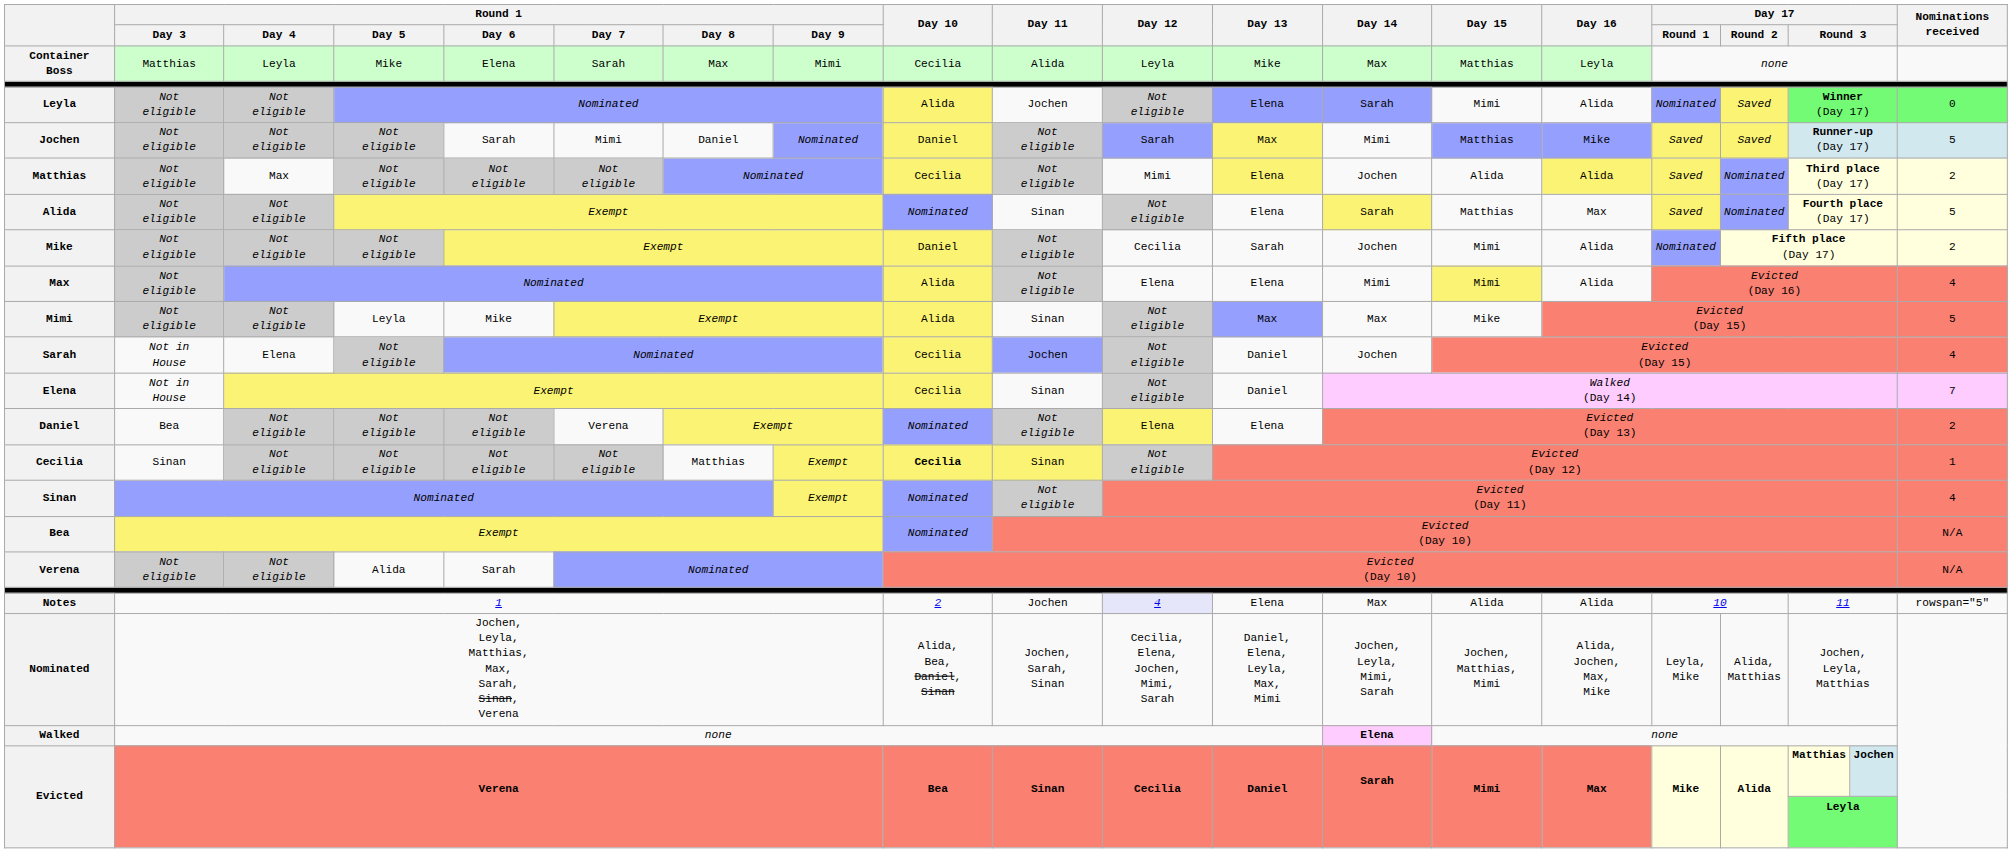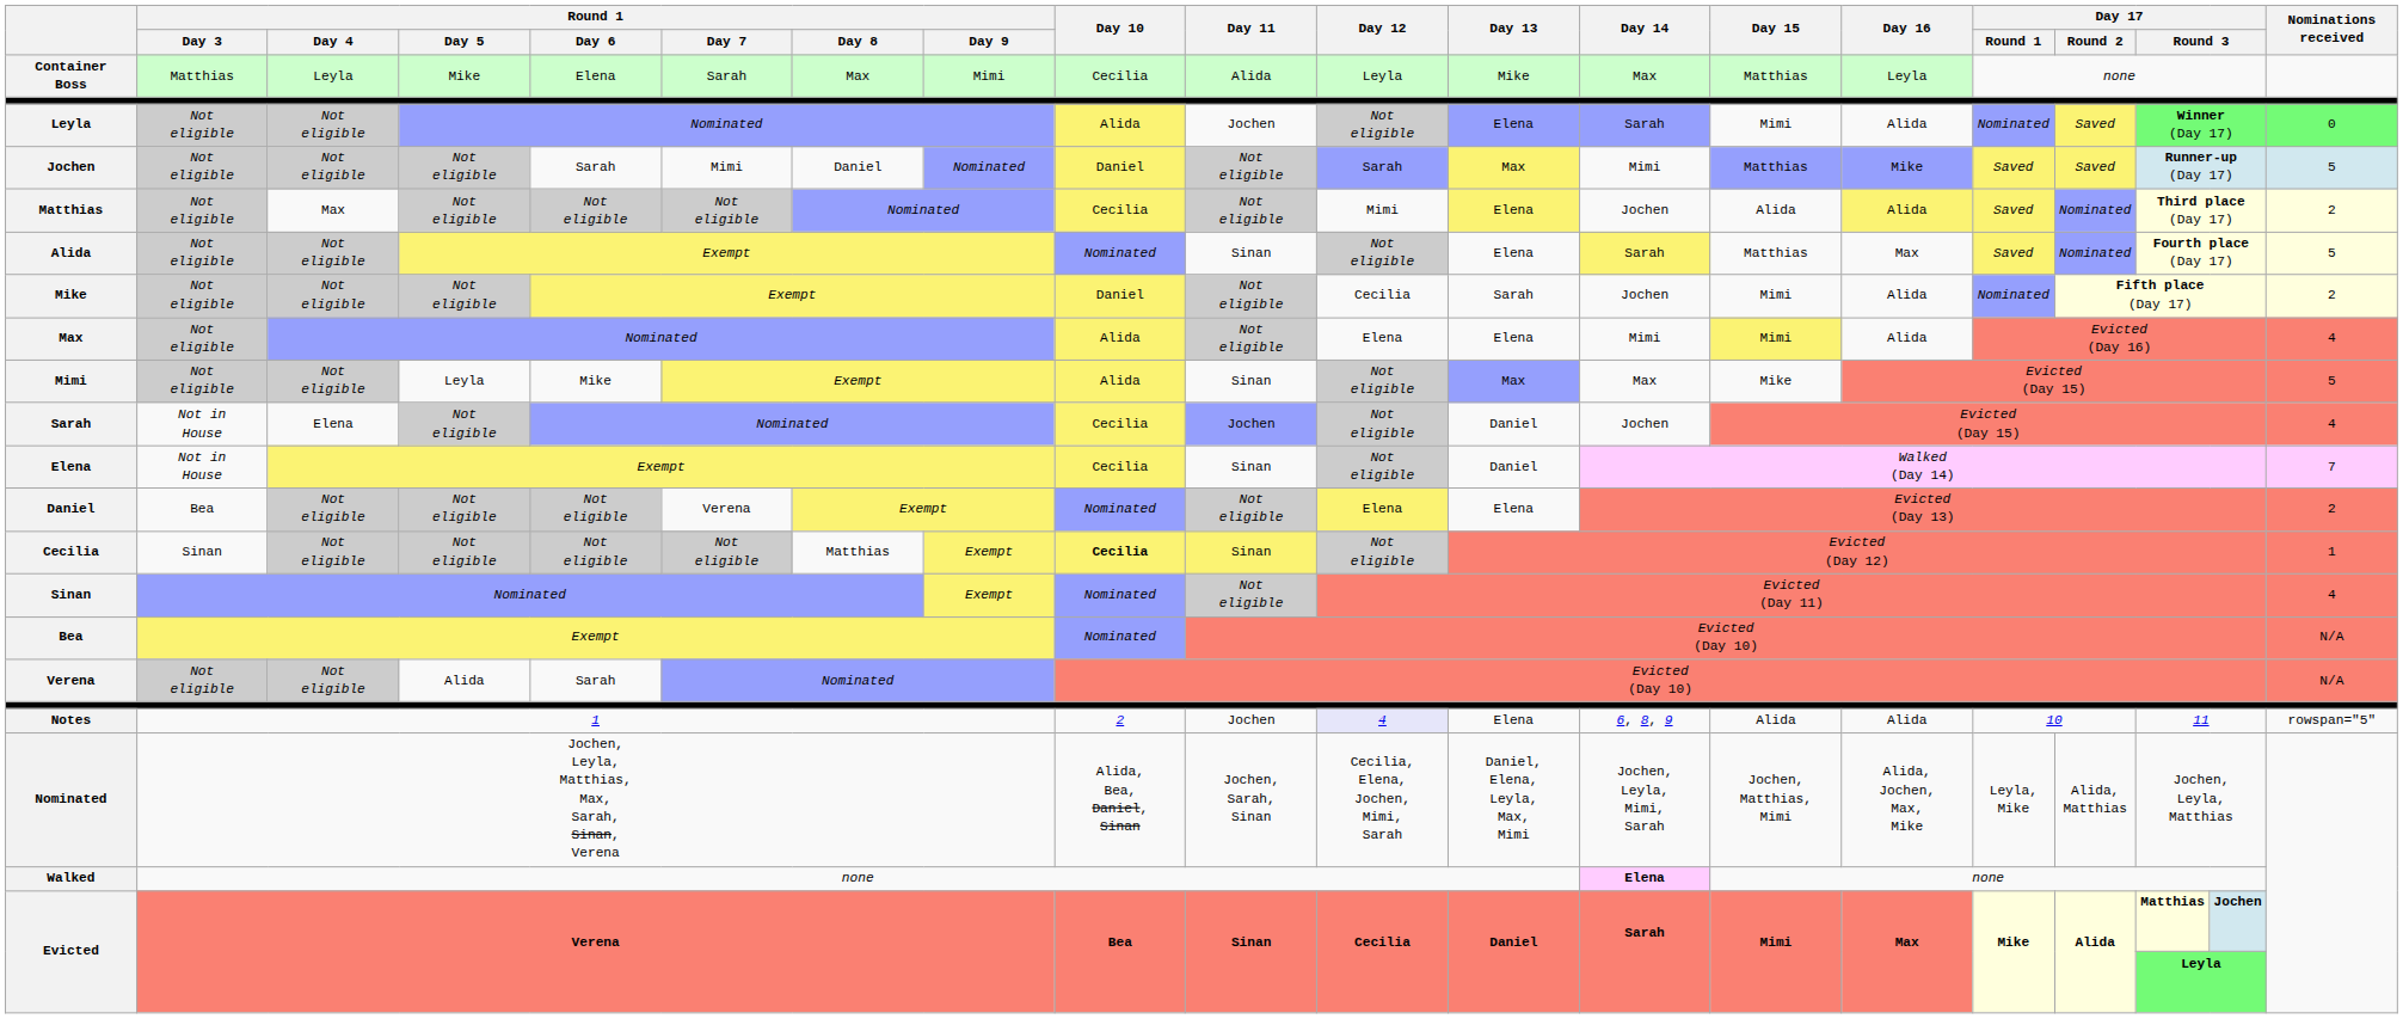 <table class="wikitable" style="text-align:center; font-size:85%; line-height:15px; width:100%">
 <tr>
 <th rowspan="2" style="width:5%"></th>
 <th colspan="7">Round 1</th>
 <th rowspan="2" style="width:5%">Day 10</th>
 <th rowspan="2" style="width:5%">Day 11</th>
 <th rowspan="2" style="width:5%">Day 12</th>
 <th rowspan="2" style="width:5%">Day 13</th>
 <th rowspan="2" style="width:5%">Day 14</th>
 <th rowspan="2" style="width:5%">Day 15</th>
 <th rowspan="2" style="width:5%">Day 16</th>
 <th colspan="4" style="width:5%">Day 17</th>
 <th rowspan="2" style="width:5%">Nominations<br>received</th>
 </tr>
 <tr>
 <th style="width:5%">Day 3</th>
 <th style="width:5%">Day 4</th>
 <th style="width:5%">Day 5</th>
 <th style="width:5%">Day 6</th>
 <th style="width:5%">Day 7</th>
 <th style="width:5%">Day 8</th>
 <th style="width:5%">Day 9</th>
 <th>Round 1</th>
 <th>Round 2</th>
 <th colspan=2>Round 3</th>
 </tr>
 <tr>
 <th>Container<br>Boss</th>
 <td style="background:#cfc;">Matthias</td>
 <td style="background:#cfc;">Leyla</td>
 <td style="background:#cfc;">Mike</td>
 <td style="background:#cfc;">Elena</td>
 <td style="background:#cfc;">Sarah</td>
 <td style="background:#cfc;">Max</td>
 <td style="background:#cfc;">Mimi</td>
 <td style="background:#cfc;">Cecilia</td>
 <td style="background:#cfc;">Alida</td>
 <td style="background:#cfc;">Leyla</td>
 <td style="background:#cfc;">Mike</td>
 <td style="background:#cfc;">Max</td>
 <td style="background:#cfc;">Matthias</td>
 <td style="background:#cfc;">Leyla</td>
 <td colspan="4"><em>none</em></td>
 <td></td>
 </tr>
 <tr>
 <th colspan="20" style="background:#000"></th>
 </tr>
 <tr>
 <th>Leyla</th>
 <td style="background:#CCC"><em>Not<br>eligible</em></td>
 <td style="background:#CCC"><em>Not<br>eligible</em></td>
 <td colspan="5" style="background:#959FFD"><em>Nominated</em></td>
 <td style="background:#FBF373">Alida</td>
 <td>Jochen</td>
 <td style="background:#CCC"><em>Not<br>eligible</em></td>
 <td style="background:#959FFD">Elena</td>
 <td style="background:#959FFD">Sarah</td>
 <td>Mimi</td>
 <td>Alida</td>
 <td style="background:#959FFD"><em>Nominated</em></td>
 <td style="background:#FBF373"><em>Saved</em></td>
 <td colspan="2" style="background:#73FB76"><strong>Winner</strong><br>(Day 17)</td>
 <td style="background:#73FB76">0</td>
 </tr>
 <tr>
 <th>Jochen</th>
 <td style="background:#CCC"><em>Not<br>eligible</em></td>
 <td style="background:#CCC"><em>Not<br>eligible</em></td>
 <td style="background:#CCC"><em>Not<br>eligible</em></td>
 <td>Sarah<br><small></small></td>
 <td>Mimi<br><small></small></td>
 <td>Daniel<br><small></small></td>
 <td style="background:#959FFD"><em>Nominated</em></td>
 <td style="background:#FBF373">Daniel</td>
 <td style="background:#CCC"><em>Not<br>eligible</em></td>
 <td style="background:#959FFD">Sarah</td>
 <td style="background:#FBF373">Max</td>
 <td>Mimi</td>
 <td style="background:#959FFD">Matthias</td>
 <td style="background:#959FFD">Mike</td>
 <td style="background:#FBF373"><em>Saved</em></td>
 <td style="background:#FBF373"><em>Saved</em></td>
 <td colspan=2 style="background:#D1E8EF"><strong>Runner-up</strong><br>(Day 17)</td>
 <td style="background:#D1E8EF">5</td>
 </tr>
 <tr>
 <th>Matthias</th>
 <td style="background:#CCC"><em>Not<br>eligible</em></td>
 <td>Max<br><small></small></td>
 <td style="background:#CCC"><em>Not<br>eligible</em></td>
 <td style="background:#CCC"><em>Not<br>eligible</em></td>
 <td style="background:#CCC"><em>Not<br>eligible</em></td>
 <td colspan="2" style="background:#959FFD"><em>Nominated</em></td>
 <td style="background:#FBF373">Cecilia</td>
 <td style="background:#CCC"><em>Not<br>eligible</em></td>
 <td>Mimi</td>
 <td style="background:#FBF373">Elena</td>
 <td>Jochen</td>
 <td>Alida</td>
 <td style="background:#FBF373">Alida</td>
 <td style="background:#FBF373"><em>Saved</em></td>
 <td style="background:#959FFD"><em>Nominated</em></td>
 <td style="background:#ffffdd;" colspan=2><strong>Third place</strong><br>(Day 17)</td>
 <td style="background:#ffffdd;">2</td>
 </tr>
 <tr>
 <th>Alida</th>
 <td style="background:#CCC"><em>Not<br>eligible</em></td>
 <td style="background:#CCC"><em>Not<br>eligible</em></td>
 <td colspan="5" style="background:#FBF373"><em>Exempt</em></td>
 <td style="background:#959FFD"><em>Nominated</em></td>
 <td>Sinan</td>
 <td style="background:#CCC"><em>Not<br>eligible</em></td>
 <td>Elena</td>
 <td style="background:#FBF373">Sarah</td>
 <td>Matthias</td>
 <td>Max</td>
 <td style="background:#FBF373"><em>Saved</em></td>
 <td style="background:#959FFD"><em>Nominated</em></td>
 <td style="background:#ffffdd;" colspan=2><strong>Fourth place</strong><br>(Day 17)</td>
 <td style="background:#ffffdd;">5</td>
 </tr>
 <tr>
 <th>Mike</th>
 <td style="background:#CCC"><em>Not<br>eligible</em></td>
 <td style="background:#CCC"><em>Not<br>eligible</em></td>
 <td style="background:#CCC"><em>Not<br>eligible</em></td>
 <td colspan="4" style="background:#FBF373"><em>Exempt</em></td>
 <td style="background:#FBF373">Daniel</td>
 <td style="background:#CCC"><em>Not<br>eligible</em></td>
 <td>Cecilia</td>
 <td>Sarah</td>
 <td>Jochen</td>
 <td>Mimi</td>
 <td>Alida</td>
 <td style="background:#959FFD"><em>Nominated</em></td>
 <td style="background:#ffffdd;" colspan=3><strong>Fifth place</strong><br>(Day 17)</td>
 <td style="background:#ffffdd;">2</td>
 </tr>
 <tr>
 <th>Max</th>
 <td style="background:#CCC"><em>Not<br>eligible</em></td>
 <td colspan="6" style="background:#959FFD"><em>Nominated</em></td>
 <td style="background:#FBF373">Alida</td>
 <td style="background:#CCC"><em>Not<br>eligible</em></td>
 <td>Elena</td>
 <td>Elena</td>
 <td>Mimi</td>
 <td style="background:#FBF373">Mimi</td>
 <td>Alida</td>
 <td colspan="4" style="background:#FA8072"><em>Evicted</em><br>(Day 16)</td>
 <td style="background:#FA8072;">4</td>
 </tr>
 <tr>
 <th>Mimi</th>
 <td style="background:#CCC"><em>Not<br>eligible</em></td>
 <td style="background:#CCC"><em>Not<br>eligible</em></td>
 <td>Leyla<br><small></small></td>
 <td>Mike<br><small></small></td>
 <td colspan="3" style="background:#FBF373"><em>Exempt</em></td>
 <td style="background:#FBF373">Alida</td>
 <td>Sinan</td>
 <td style="background:#CCC"><em>Not<br>eligible</em></td>
 <td style="background:#959FFD">Max</td>
 <td>Max</td>
 <td>Mike</td>
 <td colspan="5" style="background:#FA8072"><em>Evicted</em><br>(Day 15)</td>
 <td style="background:#FA8072;">5</td>
 </tr>
 <tr>
 <th>Sarah</th>
 <td><em>Not in<br>House</em></td>
 <td>Elena<br><small></small></td>
 <td style="background:#CCC"><em>Not<br>eligible</em></td>
 <td colspan="4" style="background:#959FFD"><em>Nominated</em></td>
 <td style="background:#FBF373">Cecilia</td>
 <td style="background:#959FFD">Jochen</td>
 <td style="background:#CCC"><em>Not<br>eligible</em></td>
 <td>Daniel</td>
 <td>Jochen</td>
 <td colspan="6" style="background:#FA8072"><em>Evicted</em><br>(Day 15)</td>
 <td style="background:#FA8072;">4</td>
 </tr>
 <tr>
 <th>Elena</th>
 <td><em>Not in<br>House</em></td>
 <td colspan="6" style="background:#FBF373"><em>Exempt</em></td>
 <td style="background:#FBF373">Cecilia</td>
 <td>Sinan</td>
 <td style="background:#CCC"><em>Not<br>eligible</em></td>
 <td>Daniel</td>
 <td colspan="7" style="background:#fcf;"><em>Walked</em><br>(Day 14)</td>
 <td style="background:#fcf;">7</td>
 </tr>
 <tr>
 <th>Daniel</th>
 <td>Bea<br><small></small></td>
 <td style="background:#CCC"><em>Not<br>eligible</em></td>
 <td style="background:#CCC"><em>Not<br>eligible</em></td>
 <td style="background:#CCC"><em>Not<br>eligible</em></td>
 <td>Verena<br><small></small></td>
 <td colspan="2" style="background:#FBF373"><em>Exempt</em></td>
 <td style="background:#959FFD"><em>Nominated</em></td>
 <td style="background:#CCC"><em>Not<br>eligible</em></td>
 <td style="background:#FBF373">Elena</td>
 <td>Elena</td>
 <td colspan="7" style="background:#FA8072"><em>Evicted</em><br>(Day 13)</td>
 <td style="background:#FA8072">2</td>
 </tr>
 <tr>
 <th>Cecilia</th>
 <td>Sinan<br><small></small></td>
 <td style="background:#CCC"><em>Not<br>eligible</em></td>
 <td style="background:#CCC"><em>Not<br>eligible</em></td>
 <td style="background:#CCC"><em>Not<br>eligible</em></td>
 <td style="background:#CCC"><em>Not<br>eligible</em></td>
 <td>Matthias<br><small></small></td>
 <td style="background:#FBF373"><em>Exempt</em></td>
 <td style="background:#FBF373"><strong>Cecilia</strong></td>
 <td style="background:#FBF373">Sinan</td>
 <td style="background:#CCC"><em>Not<br>eligible</em></td>
 <td colspan="8" style="background:#FA8072"><em>Evicted</em><br>(Day 12)</td>
 <td style="background:#FA8072">1</td>
 </tr>
 <tr>
 <th>Sinan</th>
 <td colspan="6" style="background:#959FFD"><em>Nominated</em></td>
 <td style="background:#FBF373"><em>Exempt</em></td>
 <td style="background:#959FFD"><em>Nominated</em></td>
 <td style="background:#CCC"><em>Not<br>eligible</em></td>
 <td colspan="9" style="background:#FA8072"><em>Evicted</em><br>(Day 11)</td>
 <td style="background:#FA8072">4</td>
 </tr>
 <tr>
 <th>Bea</th>
 <td colspan="7" style="background:#FBF373"><em>Exempt</em></td>
 <td style="background:#959FFD"><em>Nominated</em></td>
 <td colspan="10" style="background:#FA8072"><em>Evicted</em><br>(Day 10)</td>
 <td style="background:#FA8072">N/A</td>
 </tr>
 <tr>
 <th>Verena</th>
 <td style="background:#CCC"><em>Not<br>eligible</em></td>
 <td style="background:#CCC"><em>Not<br>eligible</em></td>
 <td>Alida<br><small></small></td>
 <td>Sarah<br><small></small></td>
 <td colspan="3" style="background:#959FFD"><em>Nominated</em></td>
 <td colspan="11" style="background:#FA8072"><em>Evicted</em><br>(Day 10)</td>
 <td style="background:#FA8072">N/A</td>
 </tr>
 <tr>
 <th colspan="22" style="background:#000"></th>
 </tr>
 <tr>
 <th>Notes</th>
 <td colspan="7"><em><a href='#'>1</a></em></td>
 <td><em><a href='#'>2</a></em></td>
 <td>Jochen</td>
 <td style="background: lavender;"><em><a href='#'>4</a></em></td>
 <td>Elena</td>
-<td>Max</td>
+<td><em><a href='#'>6</a></em>, <em><a href='#'>8</a></em>, <em><a href='#'>9</a></em></td>
 <td>Alida</td>
 <td>Alida</td>
 <td colspan="2"><em><a href='#'>10</a></em></td>
 <td colspan=2><em><a href='#'>11</a></em></td>
 <td>rowspan="5" </td>
 </tr>
 <tr>
 <th>Nominated</th>
 <td colspan="7">Jochen,<br>Leyla,<br>Matthias,<br>Max,<br>Sarah,<br><s>Sinan</s>,<br>Verena</td>
 <td>Alida, <br>Bea, <br><s>Daniel</s>, <br><s>Sinan</s></td>
 <td>Jochen, <br>Sarah, <br>Sinan</td>
 <td>Cecilia, <br>Elena, <br>Jochen, <br>Mimi, <br>Sarah</td>
 <td>Daniel, <br>Elena, <br>Leyla, <br>Max, <br>Mimi</td>
 <td>Jochen, <br>Leyla, <br>Mimi, <br>Sarah</td>
 <td>Jochen, <br>Matthias, <br>Mimi</td>
 <td>Alida, <br>Jochen, <br>Max, <br>Mike</td>
 <td>Leyla, <br>Mike</td>
 <td>Alida, <br>Matthias</td>
 <td colspan=2>Jochen, <br>Leyla, <br>Matthias</td>
 </tr>
 <tr>
 <th>Walked</th>
 <td colspan="11"><em>none</em></td>
 <td style="background:#FCF"><strong>Elena</strong></td>
 <td colspan="6"><em>none</em></td>
 </tr>
 <tr>
 <th rowspan=2>Evicted</th>
 <td colspan="7" style="background:#FA8072" rowspan="2"><strong>Verena</strong> <br><small><br></small></td>
 <td style="background:#FA8072" rowspan="2"><strong>Bea</strong> <br><small><br></small></td>
 <td style="background:#FA8072" rowspan="2"><strong>Sinan</strong> <br><small><br></small></td>
 <td style="background:#FA8072" rowspan="2"><strong>Cecilia</strong> <br><small><br></small></td>
 <td style="background:#FA8072" rowspan="2"><strong>Daniel</strong> <br><small><br></small></td>
 <td style="background:#FA8072" rowspan="2"><strong>Sarah</strong> <br><small><br><br></small></td>
 <td style="background:#FA8072" rowspan="2"><strong>Mimi</strong><br><small><br></small></td>
 <td style="background:#FA8072" rowspan="2"><strong>Max</strong><br><small><br></small></td>
 <td style="background:#ffffdd;" rowspan="2"><strong>Mike</strong><br><small><br></small></td>
 <td style="background:#ffffdd;" rowspan="2"><strong>Alida</strong><br><small><br></small></td>
 <td style="background:#ffffdd;"><strong>Matthias</strong><br><small><br><br></small></td>
 <td style="background:#D1E8EF"><strong>Jochen</strong><br><small><br><br></small></td>
 </tr>
 <tr>
 <td style="background:#73FB76" colspan=2><strong>Leyla</strong><br><small><br><br></small></td>
 </tr>
 </table>
